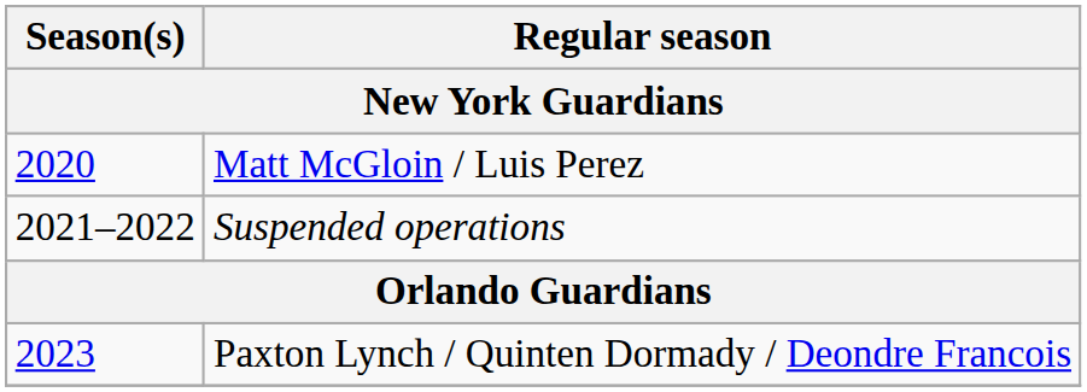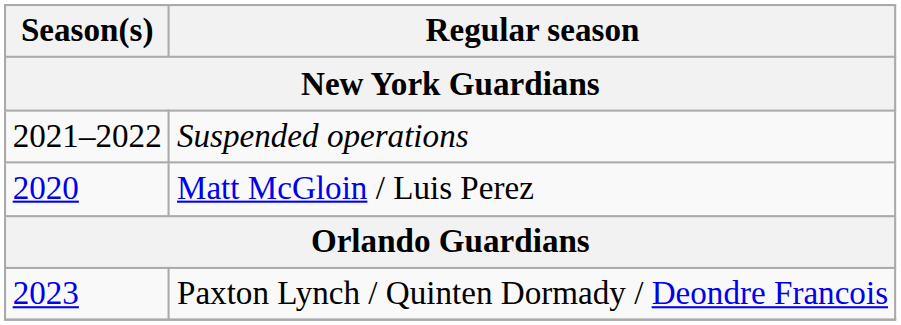 <table class="wikitable">
 <tr>
 <th>Season(s)</th>
 <th>Regular season</th>
 </tr>
 <tr>
 <th colspan="2">New York Guardians</th>
 </tr>
 <tr>
+<td>2021–2022</td>
+<td><em>Suspended operations</em></td>
+</tr>
+<tr>
 <td><a href='#'>2020</a></td>
 <td><a href='#'>Matt McGloin</a>  / Luis Perez </td>
-</tr>
-<tr>
-<td>2021–2022</td>
-<td><em>Suspended operations</em></td>
 </tr>
 <tr>
 <th colspan="2">Orlando Guardians</th>
 </tr>
 <tr>
 <td><a href='#'>2023</a></td>
 <td>Paxton Lynch  / Quinten Dormady  / <a href='#'>Deondre Francois</a> </td>
 </tr>
 <tr>
 </tr>
 </table>
